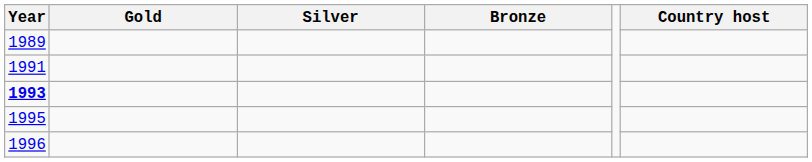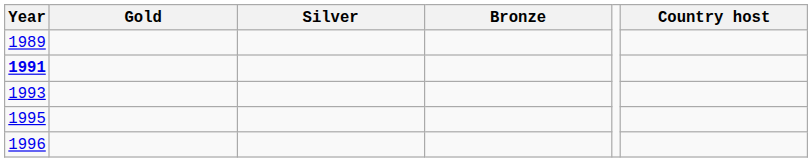 <table class="wikitable">
 <tr>
 <th width="20" align=left>Year</th>
 <th width="150">Gold</th>
 <th width="150">Silver</th>
 <th width="150">Bronze</th>
 <td width="1" rowspan=6></td>
 <th width="150">Country host</th>
 </tr>
 <tr>
 <td align=left><a href='#'>1989</a></td>
 <td></td>
 <td></td>
 <td></td>
 <td></td>
 </tr>
 <tr>
-<td align=left><a href='#'>1991</a></td>
+<td align=left><strong><a href='#'>1991</a></strong></td>
 <td></td>
 <td></td>
 <td></td>
 <td></td>
 </tr>
 <tr>
-<td align=left><strong><a href='#'>1993</a></strong></td>
+<td align=left><a href='#'>1993</a></td>
 <td></td>
 <td></td>
 <td></td>
 <td></td>
 </tr>
 <tr>
 <td align=left><a href='#'>1995</a></td>
 <td></td>
 <td></td>
 <td></td>
 <td></td>
 </tr>
 <tr>
 <td align=left><a href='#'>1996</a></td>
 <td></td>
 <td></td>
 <td></td>
 <td></td>
 </tr>
 </table>
